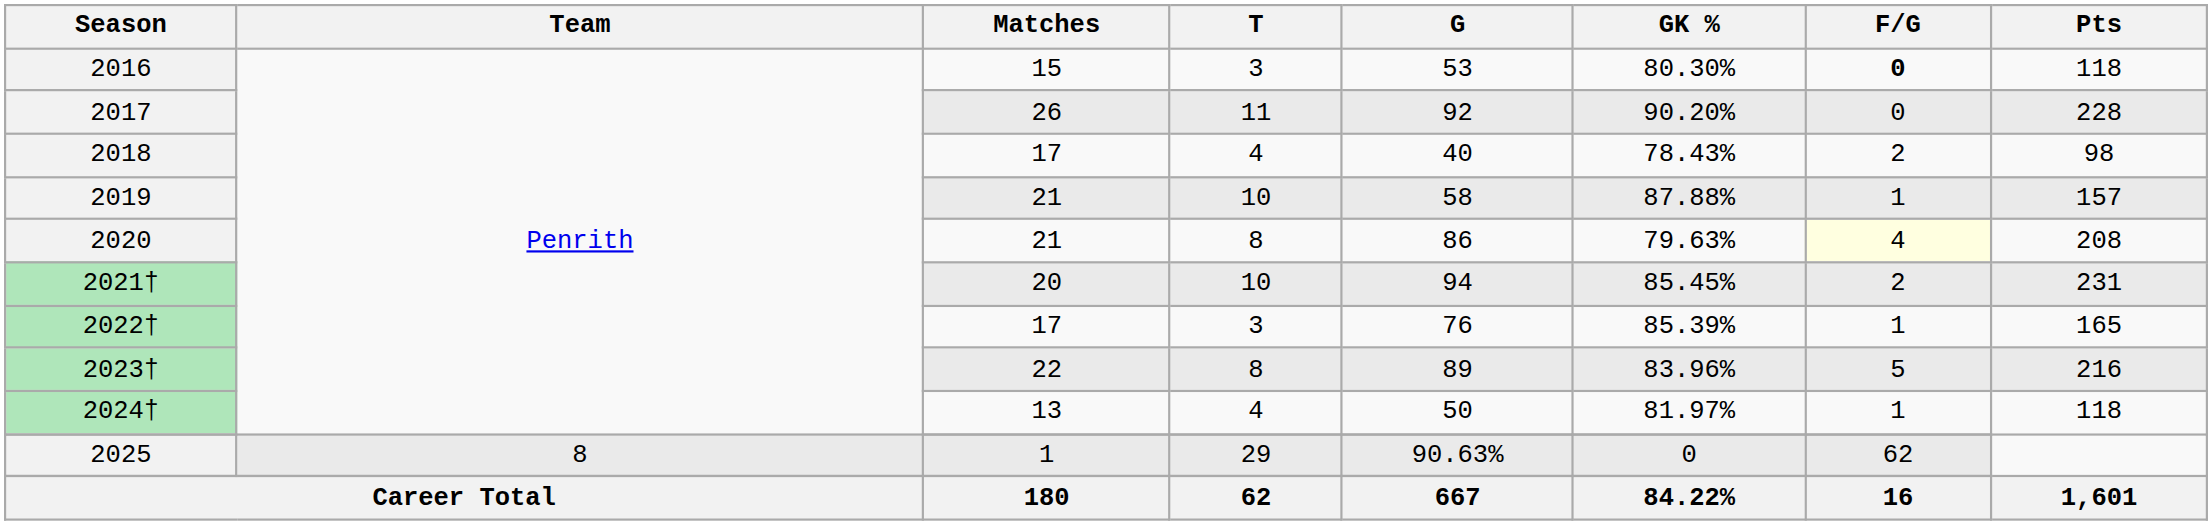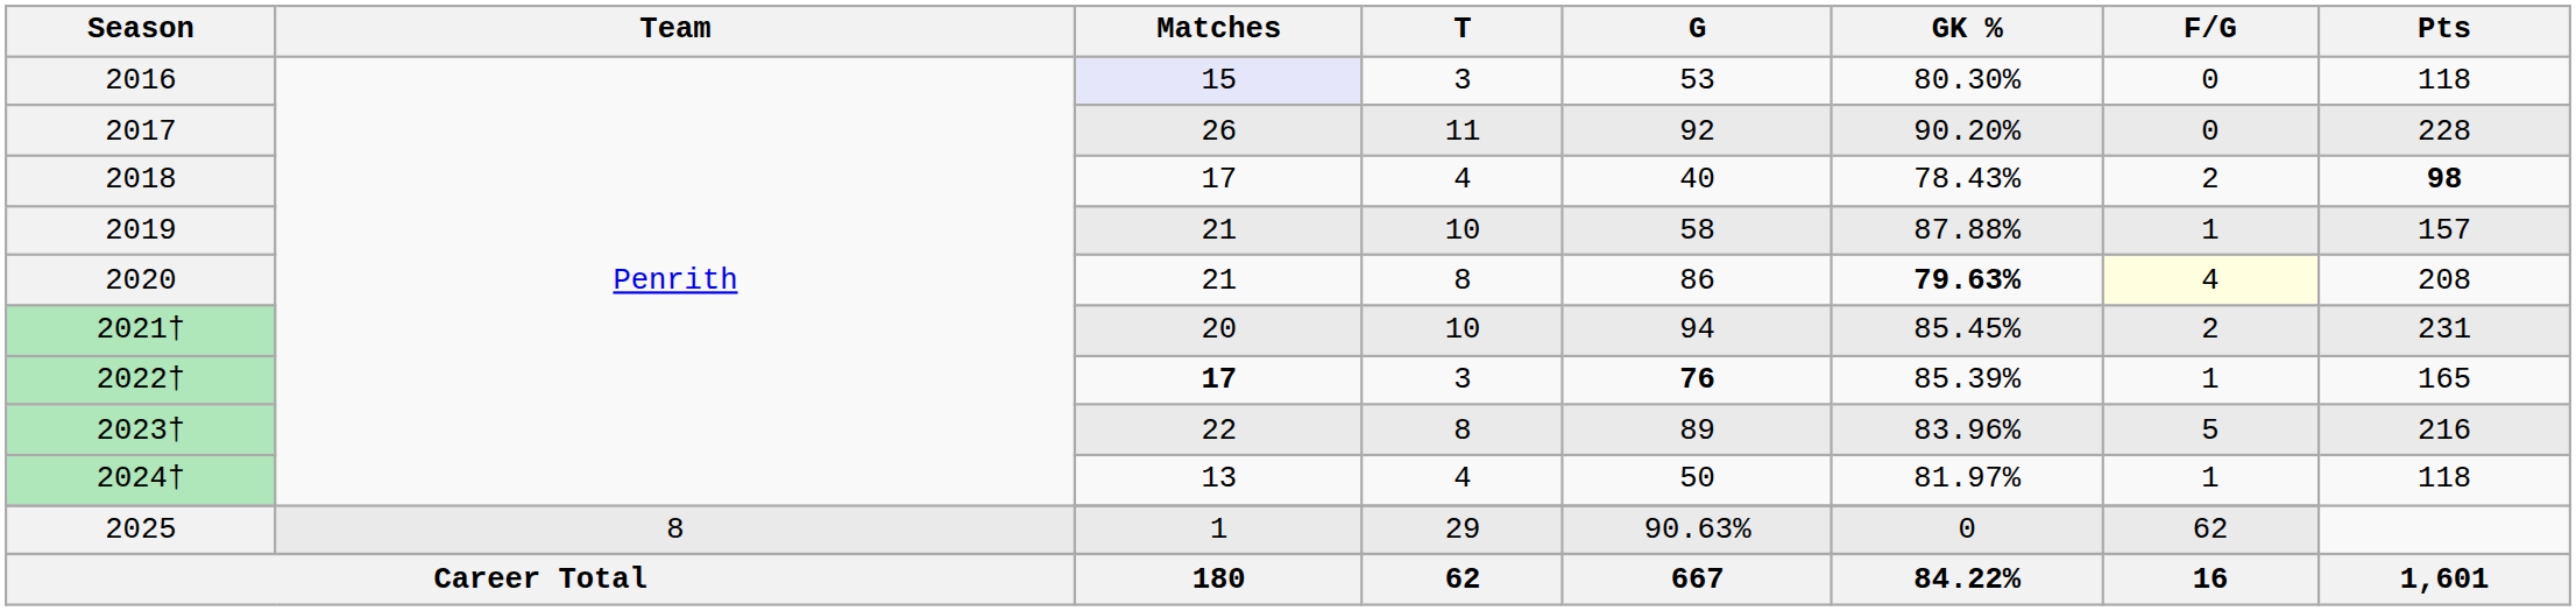 <table class="wikitable sortable" style="font-size:90%; text-align:center; width:80%;">
 <tr>
 <th width="2%">Season</th>
 <th width="8%">Team</th>
 <th width="2%">Matches</th>
 <th width="2%">T</th>
 <th width="2%">G</th>
 <th width=2%>GK %</th>
 <th width="2%">F/G</th>
 <th width="2%">Pts</th>
 </tr>
 <tr>
 <th scope="row" style="text-align:center; font-weight:normal">2016</th>
 <td rowspan="10"> <a href='#'>Penrith</a></td>
-<td>15</td>
+<td style="background: lavender;">15</td>
 <td>3</td>
 <td>53</td>
 <td>80.30%</td>
-<td><strong>0</strong></td>
+<td>0</td>
 <td>118</td>
 </tr>
 <tr style="background:#eaeaea;">
 <th scope="row" style="text-align:center; font-weight:normal">2017</th>
 <td>26</td>
 <td>11</td>
 <td>92</td>
 <td>90.20%</td>
 <td>0</td>
 <td>228</td>
 </tr>
 <tr>
 <th scope="row" style="text-align:center; font-weight:normal">2018</th>
 <td>17</td>
 <td>4</td>
 <td>40</td>
 <td>78.43%</td>
 <td>2</td>
-<td>98</td>
+<td><strong>98</strong></td>
 </tr>
 <tr style="background:#eaeaea;">
 <th scope="row" style="text-align:center; font-weight:normal">2019</th>
 <td>21</td>
 <td>10</td>
 <td>58</td>
 <td>87.88%</td>
 <td>1</td>
 <td>157</td>
 </tr>
 <tr>
 <th scope="row" style="text-align:center; font-weight:normal">2020</th>
 <td>21</td>
 <td>8</td>
 <td>86</td>
-<td>79.63%</td>
+<td><strong>79.63%</strong></td>
 <td style="background: lightyellow;">4</td>
 <td>208</td>
 </tr>
 <tr style="background:#eaeaea;">
 <th scope="row" style="text-align:center; font-weight:normal; background:#afe6ba;">2021†</th>
 <td>20</td>
 <td>10</td>
 <td>94</td>
 <td>85.45%</td>
 <td>2</td>
 <td>231</td>
 </tr>
 <tr>
 <th scope="row" style="text-align:center; font-weight:normal; background:#afe6ba;">2022†</th>
-<td>17</td>
+<td><strong>17</strong></td>
 <td>3</td>
-<td>76</td>
+<td><strong>76</strong></td>
 <td>85.39%</td>
 <td>1</td>
 <td>165</td>
 </tr>
 <tr style="background:#eaeaea;">
 <th scope="row" style="text-align:center; font-weight:normal; background:#afe6ba;">2023†</th>
 <td>22</td>
 <td>8</td>
 <td>89</td>
 <td>83.96%</td>
 <td>5</td>
 <td>216</td>
 </tr>
 <tr>
 <th scope="row" style="text-align:center; font-weight:normal; background:#afe6ba;">2024†</th>
 <td>13</td>
 <td>4</td>
 <td>50</td>
 <td>81.97%</td>
 <td>1</td>
 <td>118</td>
 </tr>
 <tr>
 </tr>
 <tr style="background:#eaeaea;">
 <th scope="row" style="text-align:center; font-weight:normal">2025</th>
 <td>8</td>
 <td>1</td>
 <td>29</td>
 <td>90.63%</td>
 <td>0</td>
 <td>62</td>
 </tr>
 <tr>
 </tr>
 <tr class="sortbottom">
 <th colspan="2">Career Total</th>
 <th>180</th>
 <th>62</th>
 <th>667</th>
 <th>84.22%</th>
 <th>16</th>
 <th>1,601</th>
 </tr>
 </table>
